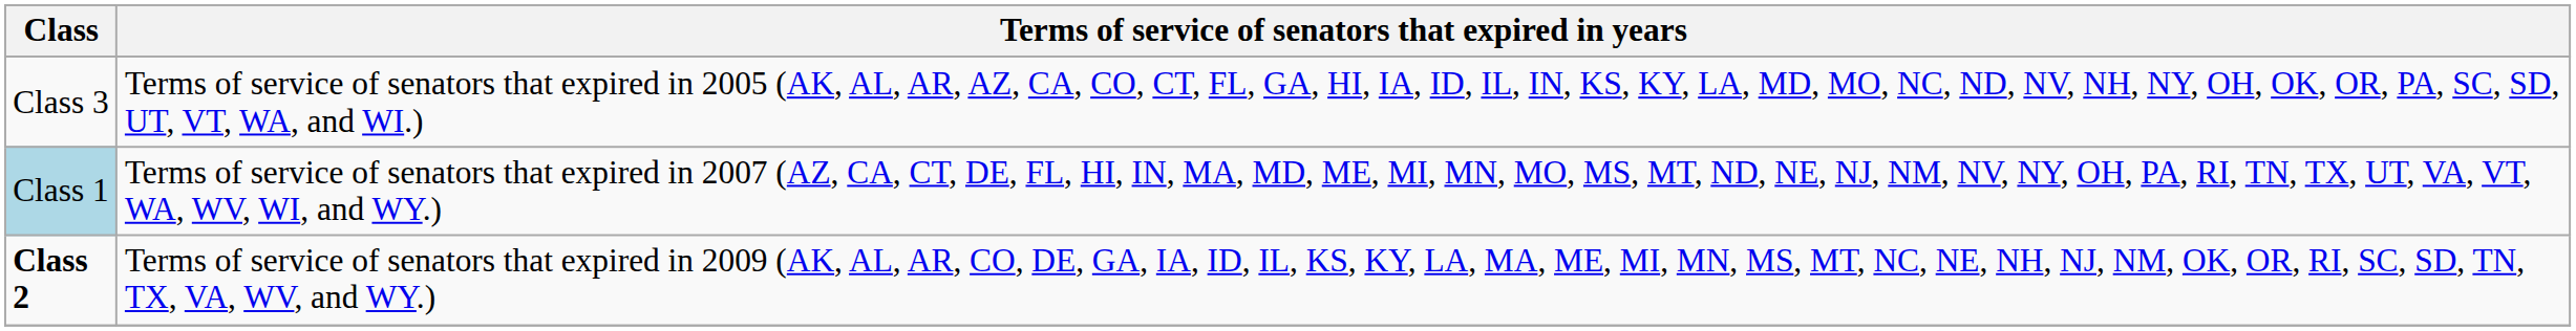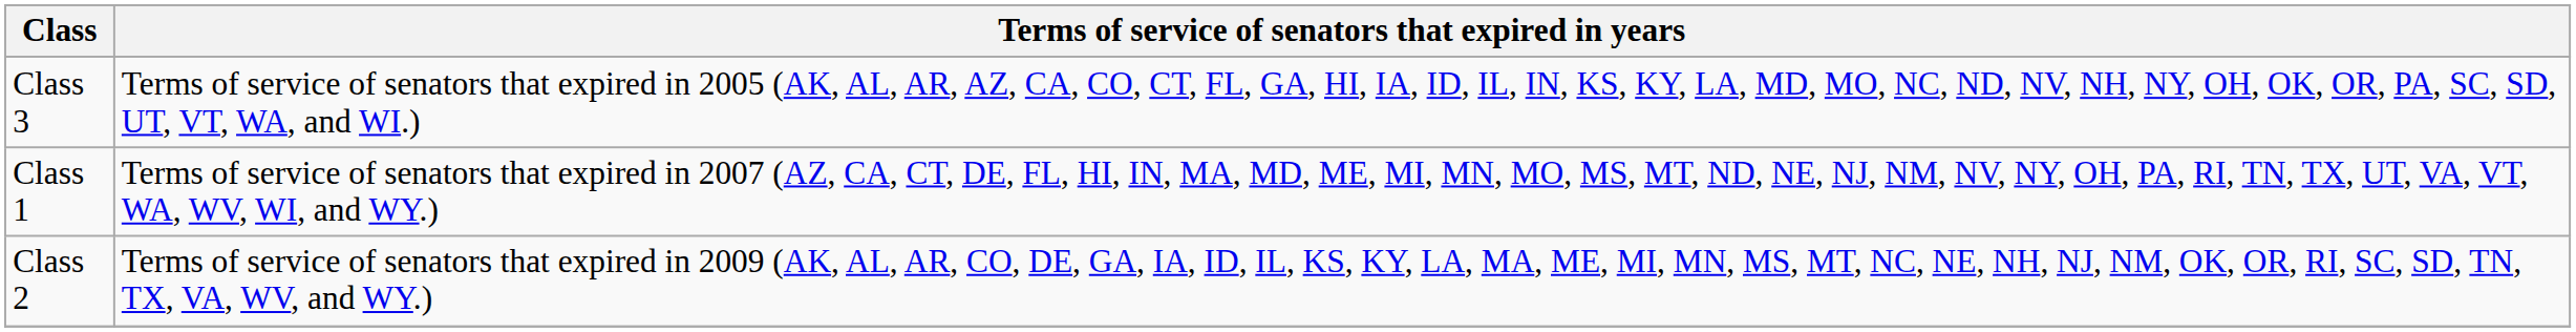 <table class="wikitable sortable">
 <tr valign=bottom>
 <th>Class</th>
 <th>Terms of service of senators that expired in years</th>
 </tr>
 <tr>
 <td>Class 3</td>
 <td>Terms of service of senators that expired in 2005 (<a href='#'>AK</a>, <a href='#'>AL</a>, <a href='#'>AR</a>, <a href='#'>AZ</a>, <a href='#'>CA</a>, <a href='#'>CO</a>, <a href='#'>CT</a>, <a href='#'>FL</a>, <a href='#'>GA</a>, <a href='#'>HI</a>, <a href='#'>IA</a>, <a href='#'>ID</a>, <a href='#'>IL</a>, <a href='#'>IN</a>, <a href='#'>KS</a>, <a href='#'>KY</a>, <a href='#'>LA</a>, <a href='#'>MD</a>, <a href='#'>MO</a>, <a href='#'>NC</a>, <a href='#'>ND</a>, <a href='#'>NV</a>, <a href='#'>NH</a>, <a href='#'>NY</a>, <a href='#'>OH</a>, <a href='#'>OK</a>, <a href='#'>OR</a>, <a href='#'>PA</a>, <a href='#'>SC</a>, <a href='#'>SD</a>, <a href='#'>UT</a>, <a href='#'>VT</a>, <a href='#'>WA</a>, and <a href='#'>WI</a>.)</td>
 </tr>
 <tr>
-<td style="background: lightblue;">Class 1</td>
+<td>Class 1</td>
 <td>Terms of service of senators that expired in 2007 (<a href='#'>AZ</a>, <a href='#'>CA</a>, <a href='#'>CT</a>, <a href='#'>DE</a>, <a href='#'>FL</a>, <a href='#'>HI</a>, <a href='#'>IN</a>, <a href='#'>MA</a>, <a href='#'>MD</a>, <a href='#'>ME</a>, <a href='#'>MI</a>, <a href='#'>MN</a>, <a href='#'>MO</a>, <a href='#'>MS</a>, <a href='#'>MT</a>, <a href='#'>ND</a>, <a href='#'>NE</a>, <a href='#'>NJ</a>, <a href='#'>NM</a>, <a href='#'>NV</a>, <a href='#'>NY</a>, <a href='#'>OH</a>, <a href='#'>PA</a>, <a href='#'>RI</a>, <a href='#'>TN</a>, <a href='#'>TX</a>, <a href='#'>UT</a>, <a href='#'>VA</a>, <a href='#'>VT</a>, <a href='#'>WA</a>, <a href='#'>WV</a>, <a href='#'>WI</a>, and <a href='#'>WY</a>.)</td>
 </tr>
 <tr>
-<td><strong>Class 2</strong></td>
+<td>Class 2</td>
 <td>Terms of service of senators that expired in 2009 (<a href='#'>AK</a>, <a href='#'>AL</a>, <a href='#'>AR</a>, <a href='#'>CO</a>, <a href='#'>DE</a>, <a href='#'>GA</a>, <a href='#'>IA</a>, <a href='#'>ID</a>, <a href='#'>IL</a>, <a href='#'>KS</a>, <a href='#'>KY</a>, <a href='#'>LA</a>, <a href='#'>MA</a>, <a href='#'>ME</a>,  <a href='#'>MI</a>, <a href='#'>MN</a>, <a href='#'>MS</a>, <a href='#'>MT</a>, <a href='#'>NC</a>, <a href='#'>NE</a>, <a href='#'>NH</a>, <a href='#'>NJ</a>, <a href='#'>NM</a>, <a href='#'>OK</a>, <a href='#'>OR</a>, <a href='#'>RI</a>, <a href='#'>SC</a>, <a href='#'>SD</a>, <a href='#'>TN</a>, <a href='#'>TX</a>, <a href='#'>VA</a>, <a href='#'>WV</a>, and <a href='#'>WY</a>.)</td>
 </tr>
 <tr>
 </tr>
 </table>
